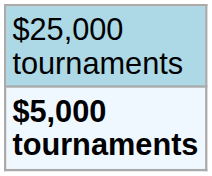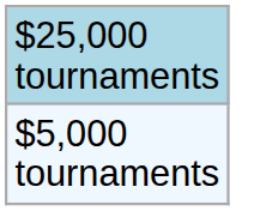 <table class="wikitable" style="font-size:85%;" width=12%>
 <tr style="background:lightblue;">
 <td>$25,000 tournaments</td>
 </tr>
 <tr style="background:#f0f8ff;">
-<td><strong>$5,000 tournaments</strong></td>
+<td>$5,000 tournaments</td>
 </tr>
 </table>
